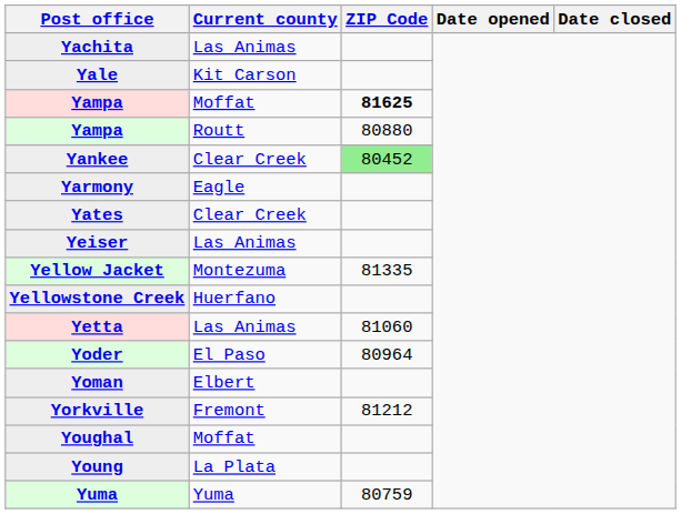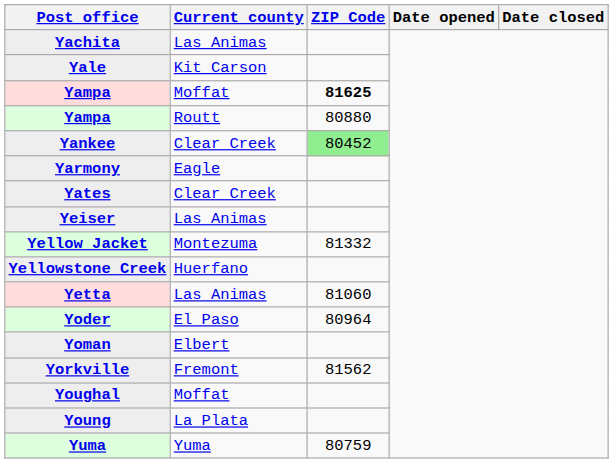 <table class="wikitable sortable  plainrowheaders" style="margin:auto;">
 <tr>
 <th scope=col><a href='#'>Post office</a></th>
 <th scope=col><a href='#'>Current county</a></th>
 <th scope=col><a href='#'>ZIP Code</a></th>
 <th scope=col>Date opened</th>
 <th scope=col>Date closed</th>
 </tr>
 <tr>
 <th scope=row rowspan=1 style="background-color:#EEEEEE;"><a href='#'>Yachita</a></th>
 <td rowspan=1><a href='#'>Las Animas</a></td>
 <td rowspan=1 align=center style="font-family:monospace;"><br> </td>
 </tr>
 <tr>
 <th scope=row rowspan=1 style="background-color:#EEEEEE;"><a href='#'>Yale</a></th>
 <td rowspan=1><a href='#'>Kit Carson</a></td>
 <td rowspan=1 align=center style="font-family:monospace;"><br> </td>
 </tr>
 <tr>
 <th scope=row rowspan=1 style="background-color:#FFDDDD;"><a href='#'>Yampa</a></th>
 <td rowspan=1><a href='#'>Moffat</a></td>
 <td rowspan=1 align=center style="font-family:monospace;"><strong>81625<br> </strong></td>
 </tr>
 <tr>
 <th scope=row rowspan=1 style="background-color:#DDFFDD;"><a href='#'>Yampa</a></th>
 <td rowspan=1><a href='#'>Routt</a></td>
 <td rowspan=1 align=center style="font-family:monospace;">80880<br> </td>
 </tr>
 <tr>
 <th scope=row rowspan=1 style="background-color:#EEEEEE;"><a href='#'>Yankee</a></th>
 <td rowspan=1><a href='#'>Clear Creek</a></td>
 <td rowspan=1 align=center style="background: lightgreen; font-family:monospace;">80452<br>  </td>
 </tr>
 <tr>
 <th scope=row rowspan=2 style="background-color:#EEEEEE;"><a href='#'>Yarmony</a></th>
 <td rowspan=2><a href='#'>Eagle</a></td>
 <td rowspan=2 align=center style="font-family:monospace;"><br> </td>
 </tr>
 <tr>
 </tr>
 <tr>
 <th scope=row rowspan=1 style="background-color:#EEEEEE;"><a href='#'>Yates</a></th>
 <td rowspan=1><a href='#'>Clear Creek</a></td>
 <td rowspan=1 align=center style="font-family:monospace;"><br> </td>
 </tr>
 <tr>
 <th scope=row rowspan=1 style="background-color:#EEEEEE;"><a href='#'>Yeiser</a></th>
 <td rowspan=1><a href='#'>Las Animas</a></td>
 <td rowspan=1 align=center style="font-family:monospace;"><br> </td>
 </tr>
 <tr>
 <th scope=row rowspan=1 style="background-color:#DDFFDD;"><a href='#'>Yellow Jacket</a></th>
 <td rowspan=1><a href='#'>Montezuma</a></td>
-<td rowspan=1 align=center style="font-family:monospace;">81335<br> </td>
+<td rowspan=1 align=center style="font-family:monospace;">81332<br> </td>
 </tr>
 <tr>
 <th scope=row rowspan=1 style="background-color:#EEEEEE;"><a href='#'>Yellowstone Creek</a></th>
 <td rowspan=1><a href='#'>Huerfano</a></td>
 <td rowspan=1 align=center style="font-family:monospace;"><br> </td>
 </tr>
 <tr>
 <th scope=row rowspan=1 style="background-color:#FFDDDD;"><a href='#'>Yetta</a></th>
 <td rowspan=1><a href='#'>Las Animas</a></td>
 <td rowspan=1 align=center style="font-family:monospace;">81060<br> </td>
 </tr>
 <tr>
 <th scope=row rowspan=1 style="background-color:#DDFFDD;"><a href='#'>Yoder</a></th>
 <td rowspan=1><a href='#'>El Paso</a></td>
 <td rowspan=1 align=center style="font-family:monospace;">80964<br> </td>
 </tr>
 <tr>
 <th scope=row rowspan=1 style="background-color:#EEEEEE;"><a href='#'>Yoman</a></th>
 <td rowspan=1><a href='#'>Elbert</a></td>
 <td rowspan=1 align=center style="font-family:monospace;"><br>  </td>
 </tr>
 <tr>
 <th scope=row rowspan=1 style="background-color:#EEEEEE;"><a href='#'>Yorkville</a></th>
 <td rowspan=1><a href='#'>Fremont</a></td>
-<td rowspan=1 align=center style="font-family:monospace;">81212<br> </td>
+<td rowspan=1 align=center style="font-family:monospace;">81562<br> </td>
 </tr>
 <tr>
 <th scope=row rowspan=1 style="background-color:#EEEEEE;"><a href='#'>Youghal</a></th>
 <td rowspan=1><a href='#'>Moffat</a></td>
 <td rowspan=1 align=center style="font-family:monospace;"><br> </td>
 </tr>
 <tr>
 <th scope=row rowspan=1 style="background-color:#EEEEEE;"><a href='#'>Young</a></th>
 <td rowspan=1><a href='#'>La Plata</a></td>
 <td rowspan=1 align=center style="font-family:monospace;"><br> </td>
 </tr>
 <tr>
 <th scope=row rowspan=1 style="background-color:#DDFFDD;"><a href='#'>Yuma</a></th>
 <td rowspan=1><a href='#'>Yuma</a></td>
 <td rowspan=1 align=center style="font-family:monospace;">80759<br> </td>
 </tr>
 </table>
